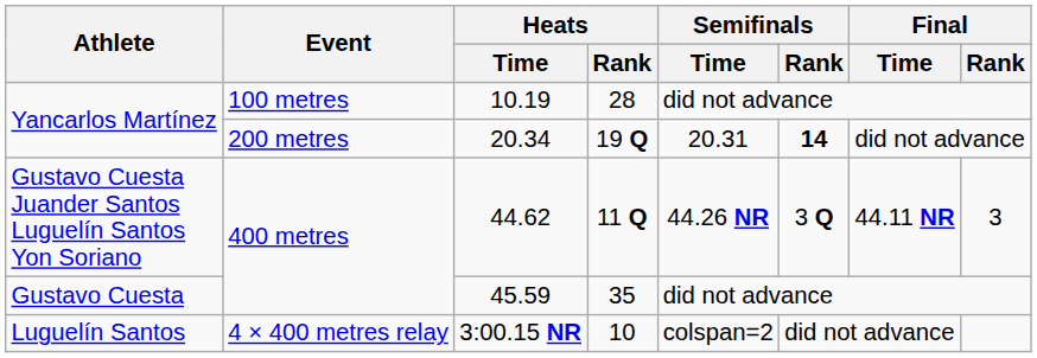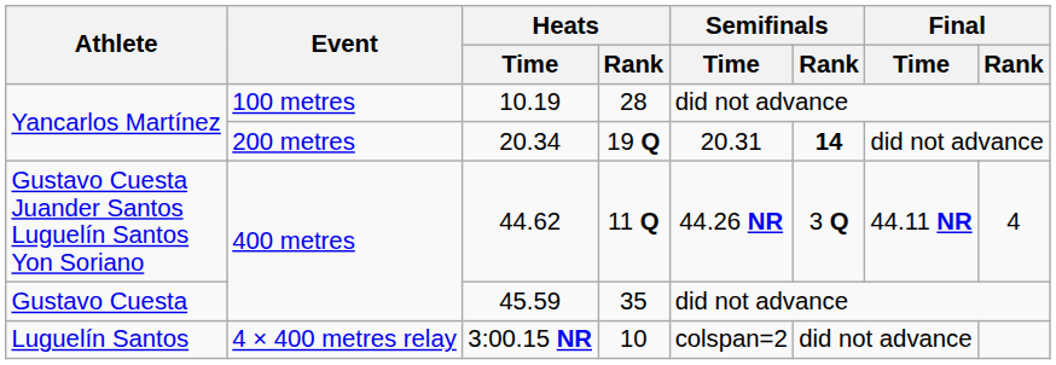 <table class=wikitable style="font-size:90%;">
 <tr>
 <th rowspan="2">Athlete</th>
 <th rowspan="2">Event</th>
 <th colspan="2">Heats</th>
 <th colspan="2">Semifinals</th>
 <th colspan="2">Final</th>
 </tr>
 <tr>
 <th>Time</th>
 <th>Rank</th>
 <th>Time</th>
 <th>Rank</th>
 <th>Time</th>
 <th>Rank</th>
 </tr>
 <tr style="border-top: single;" style=text-align:center>
 <td rowspan=2 style=text-align:left><a href='#'>Yancarlos Martínez</a></td>
 <td><a href='#'>100 metres</a></td>
 <td align=center>10.19</td>
 <td align=center>28</td>
 <td colspan=4>did not advance</td>
 </tr>
 <tr style="border-top: single;" style=text-align:center>
 <td><a href='#'>200 metres</a></td>
 <td align=center>20.34</td>
 <td align=center>19 <strong>Q</strong></td>
 <td align=center>20.31</td>
 <td align=center><strong>14</strong></td>
 <td colspan=2>did not advance</td>
 </tr>
 <tr style="border-top: single;" style=text-align:center>
 <td style=text-align:left><a href='#'>Gustavo Cuesta</a><br><a href='#'>Juander Santos</a><br><a href='#'>Luguelín Santos</a><br><a href='#'>Yon Soriano</a></td>
 <td rowspan=2><a href='#'>400 metres</a></td>
 <td align=center>44.62</td>
 <td align=center>11 <strong>Q</strong></td>
 <td align=center>44.26 <strong><a href='#'>NR</a></strong></td>
 <td align=center>3 <strong>Q</strong></td>
 <td align=center>44.11 <strong><a href='#'>NR</a></strong></td>
-<td align=center>3</td>
+<td align=center>4</td>
 </tr>
 <tr style="border-top: single;" style=text-align:center>
 <td style=text-align:left><a href='#'>Gustavo Cuesta</a></td>
 <td align=center>45.59</td>
 <td align=center>35</td>
 <td colspan=4>did not advance</td>
 </tr>
 <tr style="border-top: single;" style=text-align:center>
 <td style=text-align:left><a href='#'>Luguelín Santos</a></td>
 <td><a href='#'>4 × 400 metres relay</a></td>
 <td align=center>3:00.15 <strong><a href='#'>NR</a></strong></td>
 <td align=center>10</td>
 <td>colspan=2 </td>
 <td colspan=2>did not advance</td>
 </tr>
 </table>
